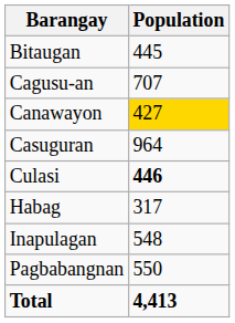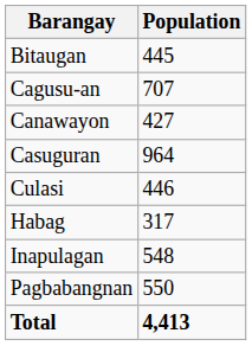 <table class="wikitable">
 <tr>
 <th>Barangay</th>
 <th>Population</th>
 </tr>
 <tr>
 <td>Bitaugan</td>
 <td>445</td>
 </tr>
 <tr>
 <td>Cagusu-an</td>
 <td>707</td>
 </tr>
 <tr>
 <td>Canawayon</td>
-<td style="background: gold;">427</td>
+<td>427</td>
 </tr>
 <tr>
 <td>Casuguran</td>
 <td>964</td>
 </tr>
 <tr>
 <td>Culasi</td>
-<td><strong>446</strong></td>
+<td>446</td>
 </tr>
 <tr>
 <td>Habag</td>
 <td>317</td>
 </tr>
 <tr>
 <td>Inapulagan</td>
 <td>548</td>
 </tr>
 <tr>
 <td>Pagbabangnan</td>
 <td>550</td>
 </tr>
 <tr>
 <td><strong>Total</strong></td>
 <td><strong>4,413</strong></td>
 </tr>
 </table>
